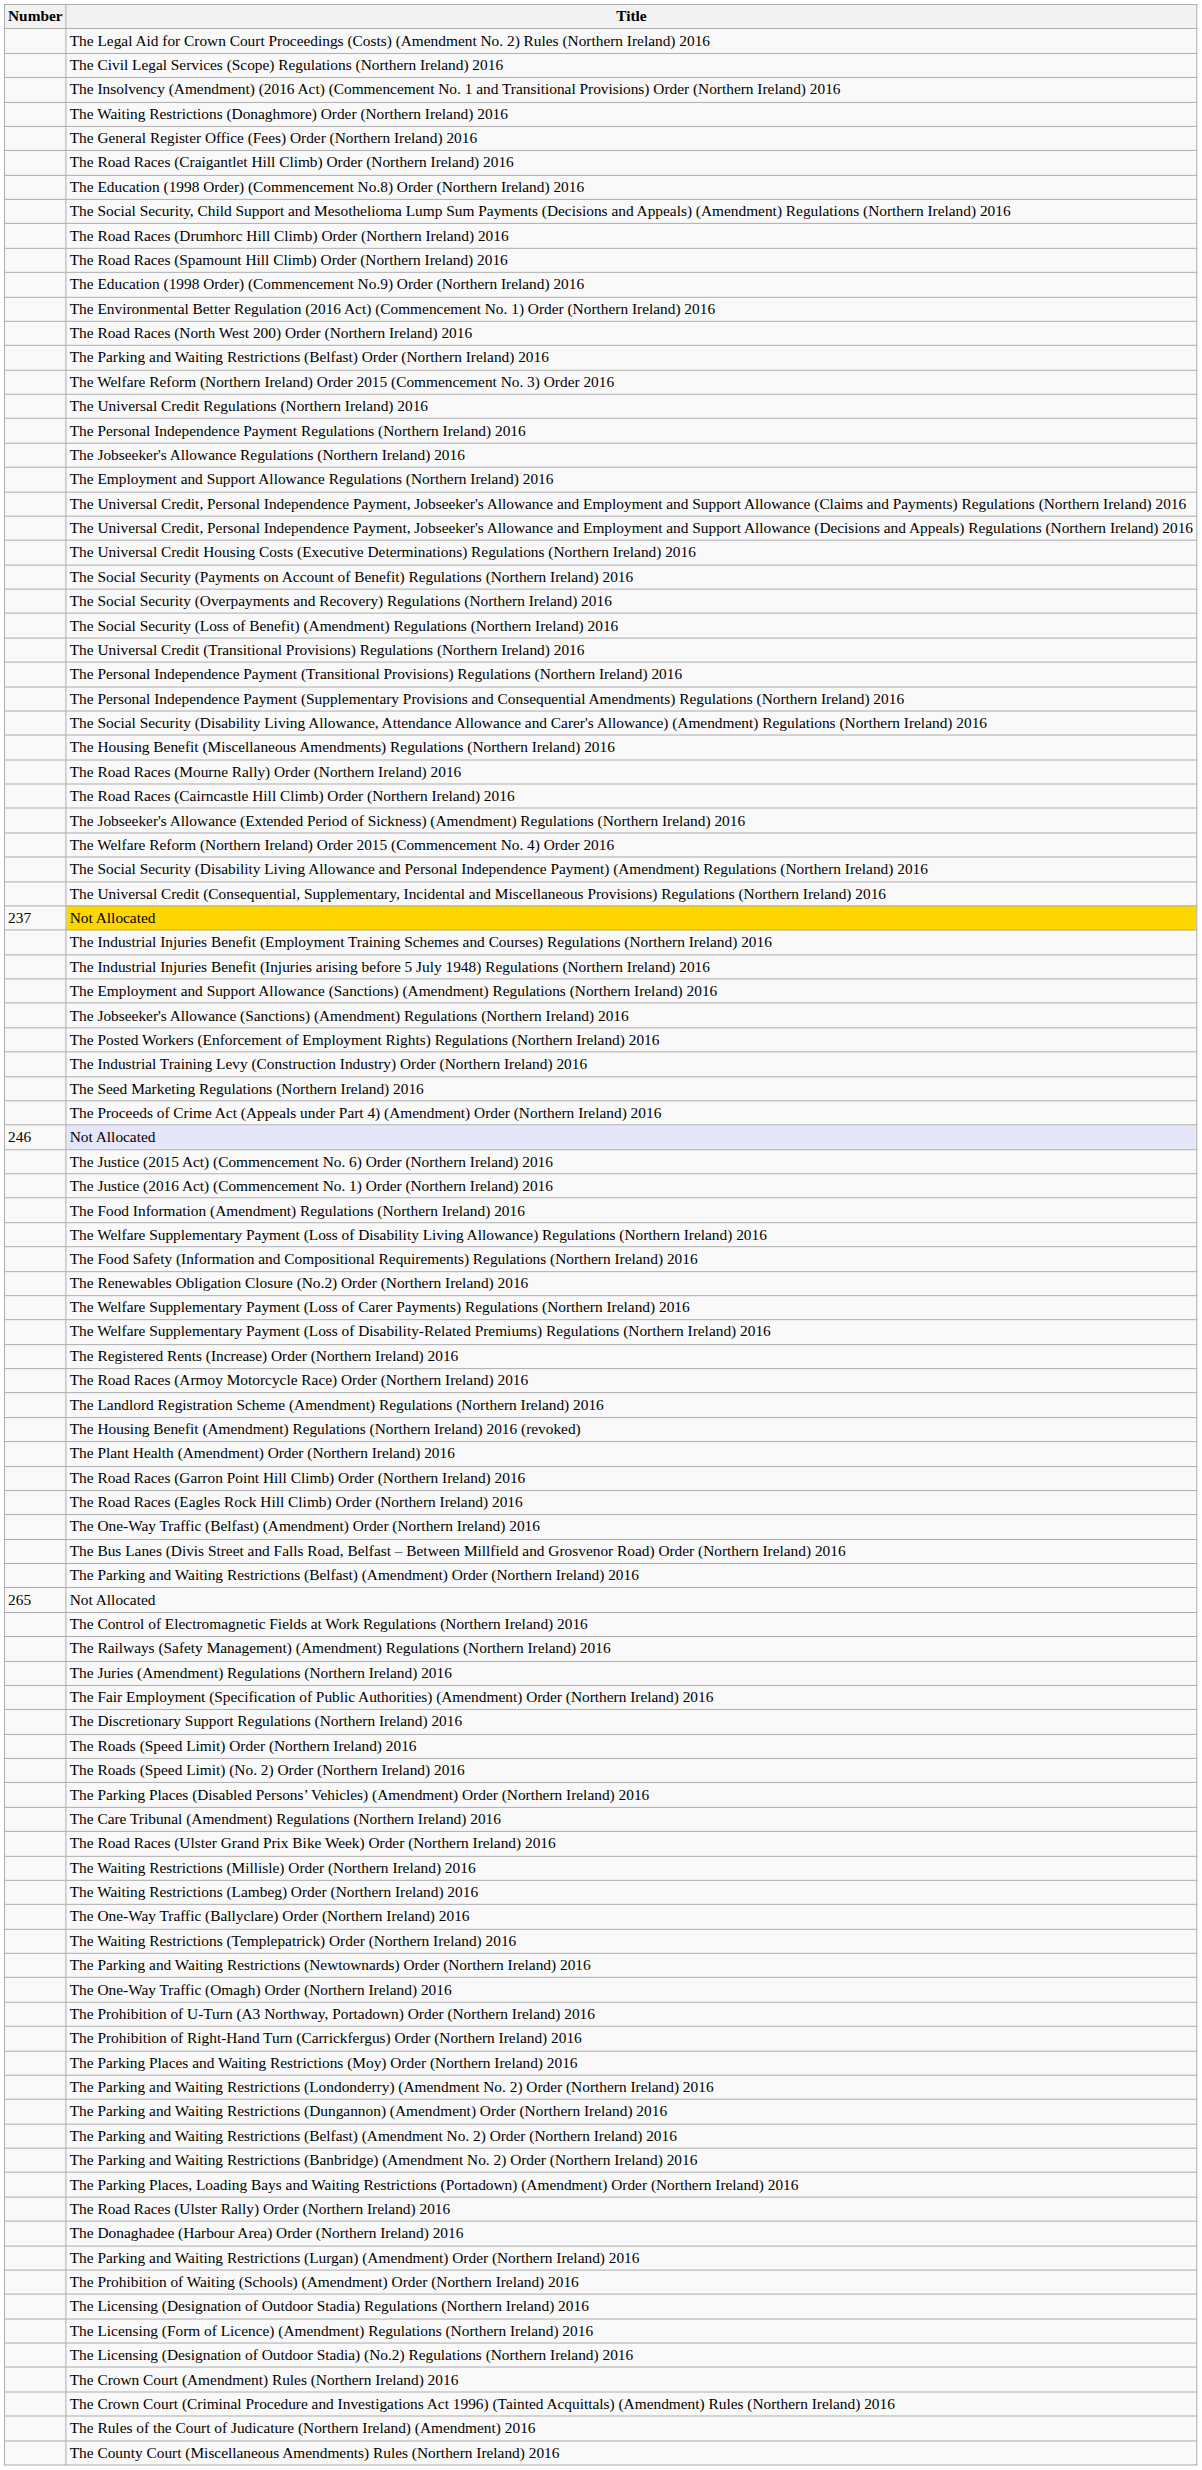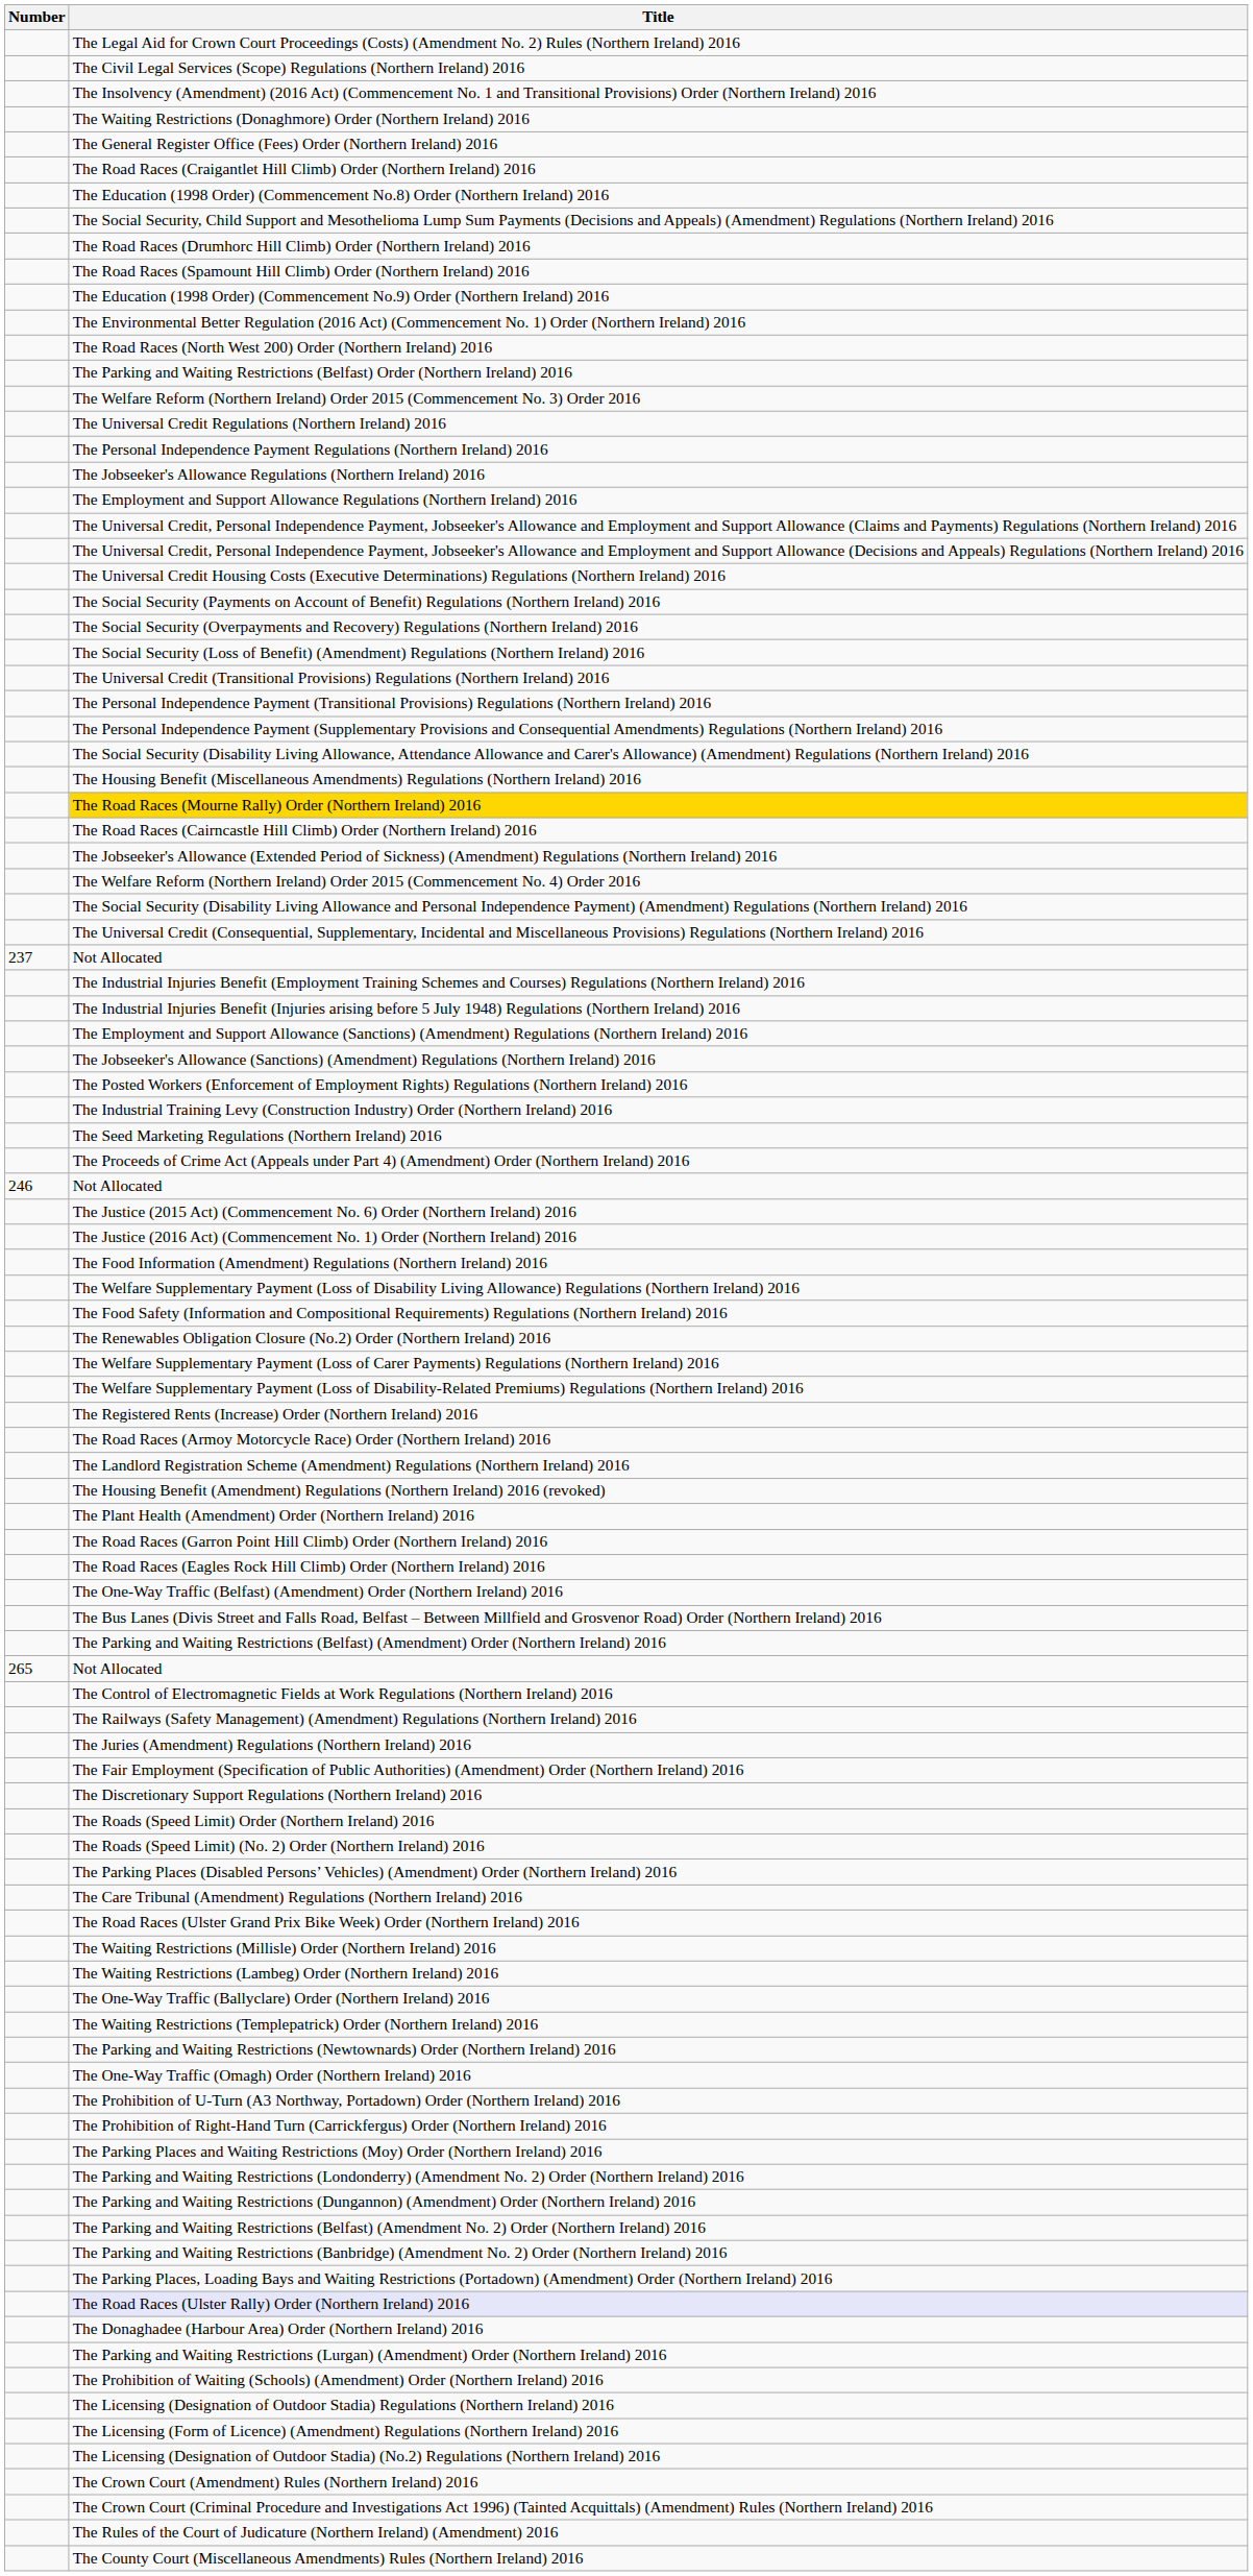 <table class="wikitable collapsible">
 <tr>
 <th>Number</th>
 <th>Title</th>
 </tr>
 <tr>
 <td></td>
 <td>The Legal Aid for Crown Court Proceedings (Costs) (Amendment No. 2) Rules (Northern Ireland) 2016</td>
 </tr>
 <tr>
 <td></td>
 <td>The Civil Legal Services (Scope) Regulations (Northern Ireland) 2016</td>
 </tr>
 <tr>
 <td></td>
 <td>The Insolvency (Amendment) (2016 Act) (Commencement No. 1 and Transitional Provisions) Order (Northern Ireland) 2016</td>
 </tr>
 <tr>
 <td></td>
 <td>The Waiting Restrictions (Donaghmore) Order (Northern Ireland) 2016</td>
 </tr>
 <tr>
 <td></td>
 <td>The General Register Office (Fees) Order (Northern Ireland) 2016</td>
 </tr>
 <tr>
 <td></td>
 <td>The Road Races (Craigantlet Hill Climb) Order (Northern Ireland) 2016</td>
 </tr>
 <tr>
 <td></td>
 <td>The Education (1998 Order) (Commencement No.8) Order (Northern Ireland) 2016</td>
 </tr>
 <tr>
 <td></td>
 <td>The Social Security, Child Support and Mesothelioma Lump Sum Payments (Decisions and Appeals) (Amendment) Regulations (Northern Ireland) 2016</td>
 </tr>
 <tr>
 <td></td>
 <td>The Road Races (Drumhorc Hill Climb) Order (Northern Ireland) 2016</td>
 </tr>
 <tr>
 <td></td>
 <td>The Road Races (Spamount Hill Climb) Order (Northern Ireland) 2016</td>
 </tr>
 <tr>
 <td></td>
 <td>The Education (1998 Order) (Commencement No.9) Order (Northern Ireland) 2016</td>
 </tr>
 <tr>
 <td></td>
 <td>The Environmental Better Regulation (2016 Act) (Commencement No. 1) Order (Northern Ireland) 2016</td>
 </tr>
 <tr>
 <td></td>
 <td>The Road Races (North West 200) Order (Northern Ireland) 2016</td>
 </tr>
 <tr>
 <td></td>
 <td>The Parking and Waiting Restrictions (Belfast) Order (Northern Ireland) 2016</td>
 </tr>
 <tr>
 <td></td>
 <td>The Welfare Reform (Northern Ireland) Order 2015 (Commencement No. 3) Order 2016</td>
 </tr>
 <tr>
 <td></td>
 <td>The Universal Credit Regulations (Northern Ireland) 2016</td>
 </tr>
 <tr>
 <td></td>
 <td>The Personal Independence Payment Regulations (Northern Ireland) 2016</td>
 </tr>
 <tr>
 <td></td>
 <td>The Jobseeker's Allowance Regulations (Northern Ireland) 2016</td>
 </tr>
 <tr>
 <td></td>
 <td>The Employment and Support Allowance Regulations (Northern Ireland) 2016</td>
 </tr>
 <tr>
 <td></td>
 <td>The Universal Credit, Personal Independence Payment, Jobseeker's Allowance and Employment and Support Allowance (Claims and Payments) Regulations (Northern Ireland) 2016</td>
 </tr>
 <tr>
 <td></td>
 <td>The Universal Credit, Personal Independence Payment, Jobseeker's Allowance and Employment and Support Allowance (Decisions and Appeals) Regulations (Northern Ireland) 2016</td>
 </tr>
 <tr>
 <td></td>
 <td>The Universal Credit Housing Costs (Executive Determinations) Regulations (Northern Ireland) 2016</td>
 </tr>
 <tr>
 <td></td>
 <td>The Social Security (Payments on Account of Benefit) Regulations (Northern Ireland) 2016</td>
 </tr>
 <tr>
 <td></td>
 <td>The Social Security (Overpayments and Recovery) Regulations (Northern Ireland) 2016</td>
 </tr>
 <tr>
 <td></td>
 <td>The Social Security (Loss of Benefit) (Amendment) Regulations (Northern Ireland) 2016</td>
 </tr>
 <tr>
 <td></td>
 <td>The Universal Credit (Transitional Provisions) Regulations (Northern Ireland) 2016</td>
 </tr>
 <tr>
 <td></td>
 <td>The Personal Independence Payment (Transitional Provisions) Regulations (Northern Ireland) 2016</td>
 </tr>
 <tr>
 <td></td>
 <td>The Personal Independence Payment (Supplementary Provisions and Consequential Amendments) Regulations (Northern Ireland) 2016</td>
 </tr>
 <tr>
 <td></td>
 <td>The Social Security (Disability Living Allowance, Attendance Allowance and Carer's Allowance) (Amendment) Regulations (Northern Ireland) 2016</td>
 </tr>
 <tr>
 <td></td>
 <td>The Housing Benefit (Miscellaneous Amendments) Regulations (Northern Ireland) 2016</td>
 </tr>
 <tr>
 <td></td>
-<td>The Road Races (Mourne Rally) Order (Northern Ireland) 2016</td>
+<td style="background: gold;">The Road Races (Mourne Rally) Order (Northern Ireland) 2016</td>
 </tr>
 <tr>
 <td></td>
 <td>The Road Races (Cairncastle Hill Climb) Order (Northern Ireland) 2016</td>
 </tr>
 <tr>
 <td></td>
 <td>The Jobseeker's Allowance (Extended Period of Sickness) (Amendment) Regulations (Northern Ireland) 2016</td>
 </tr>
 <tr>
 <td></td>
 <td>The Welfare Reform (Northern Ireland) Order 2015 (Commencement No. 4) Order 2016</td>
 </tr>
 <tr>
 <td></td>
 <td>The Social Security (Disability Living Allowance and Personal Independence Payment) (Amendment) Regulations (Northern Ireland) 2016</td>
 </tr>
 <tr>
 <td></td>
 <td>The Universal Credit (Consequential, Supplementary, Incidental and Miscellaneous Provisions) Regulations (Northern Ireland) 2016</td>
 </tr>
 <tr>
 <td>237</td>
-<td style="background: gold;">Not Allocated</td>
+<td>Not Allocated</td>
 </tr>
 <tr>
 <td></td>
 <td>The Industrial Injuries Benefit (Employment Training Schemes and Courses) Regulations (Northern Ireland) 2016</td>
 </tr>
 <tr>
 <td></td>
 <td>The Industrial Injuries Benefit (Injuries arising before 5 July 1948) Regulations (Northern Ireland) 2016</td>
 </tr>
 <tr>
 <td></td>
 <td>The Employment and Support Allowance (Sanctions) (Amendment) Regulations (Northern Ireland) 2016</td>
 </tr>
 <tr>
 <td></td>
 <td>The Jobseeker's Allowance (Sanctions) (Amendment) Regulations (Northern Ireland) 2016</td>
 </tr>
 <tr>
 <td></td>
 <td>The Posted Workers (Enforcement of Employment Rights) Regulations (Northern Ireland) 2016</td>
 </tr>
 <tr>
 <td></td>
 <td>The Industrial Training Levy (Construction Industry) Order (Northern Ireland) 2016</td>
 </tr>
 <tr>
 <td></td>
 <td>The Seed Marketing Regulations (Northern Ireland) 2016</td>
 </tr>
 <tr>
 <td></td>
 <td>The Proceeds of Crime Act (Appeals under Part 4) (Amendment) Order (Northern Ireland) 2016</td>
 </tr>
 <tr>
 <td>246</td>
-<td style="background: lavender;">Not Allocated</td>
+<td>Not Allocated</td>
 </tr>
 <tr>
 <td></td>
 <td>The Justice (2015 Act) (Commencement No. 6) Order (Northern Ireland) 2016</td>
 </tr>
 <tr>
 <td></td>
 <td>The Justice (2016 Act) (Commencement No. 1) Order (Northern Ireland) 2016</td>
 </tr>
 <tr>
 <td></td>
 <td>The Food Information (Amendment) Regulations (Northern Ireland) 2016</td>
 </tr>
 <tr>
 <td></td>
 <td>The Welfare Supplementary Payment (Loss of Disability Living Allowance) Regulations (Northern Ireland) 2016</td>
 </tr>
 <tr>
 <td></td>
 <td>The Food Safety (Information and Compositional Requirements) Regulations (Northern Ireland) 2016</td>
 </tr>
 <tr>
 <td></td>
 <td>The Renewables Obligation Closure (No.2) Order (Northern Ireland) 2016</td>
 </tr>
 <tr>
 <td></td>
 <td>The Welfare Supplementary Payment (Loss of Carer Payments) Regulations (Northern Ireland) 2016</td>
 </tr>
 <tr>
 <td></td>
 <td>The Welfare Supplementary Payment (Loss of Disability-Related Premiums) Regulations (Northern Ireland) 2016</td>
 </tr>
 <tr>
 <td></td>
 <td>The Registered Rents (Increase) Order (Northern Ireland) 2016</td>
 </tr>
 <tr>
 <td></td>
 <td>The Road Races (Armoy Motorcycle Race) Order (Northern Ireland) 2016</td>
 </tr>
 <tr>
 <td></td>
 <td>The Landlord Registration Scheme (Amendment) Regulations (Northern Ireland) 2016</td>
 </tr>
 <tr>
 <td></td>
 <td>The Housing Benefit (Amendment) Regulations (Northern Ireland) 2016 (revoked)</td>
 </tr>
 <tr>
 <td></td>
 <td>The Plant Health (Amendment) Order (Northern Ireland) 2016</td>
 </tr>
 <tr>
 <td></td>
 <td>The Road Races (Garron Point Hill Climb) Order (Northern Ireland) 2016</td>
 </tr>
 <tr>
 <td></td>
 <td>The Road Races (Eagles Rock Hill Climb) Order (Northern Ireland) 2016</td>
 </tr>
 <tr>
 <td></td>
 <td>The One-Way Traffic (Belfast) (Amendment) Order (Northern Ireland) 2016</td>
 </tr>
 <tr>
 <td></td>
 <td>The Bus Lanes (Divis Street and Falls Road, Belfast – Between Millfield and Grosvenor Road) Order (Northern Ireland) 2016</td>
 </tr>
 <tr>
 <td></td>
 <td>The Parking and Waiting Restrictions (Belfast) (Amendment) Order (Northern Ireland) 2016</td>
 </tr>
 <tr>
 <td>265</td>
 <td>Not Allocated</td>
 </tr>
 <tr>
 <td></td>
 <td>The Control of Electromagnetic Fields at Work Regulations (Northern Ireland) 2016</td>
 </tr>
 <tr>
 <td></td>
 <td>The Railways (Safety Management) (Amendment) Regulations (Northern Ireland) 2016</td>
 </tr>
 <tr>
 <td></td>
 <td>The Juries (Amendment) Regulations (Northern Ireland) 2016</td>
 </tr>
 <tr>
 <td></td>
 <td>The Fair Employment (Specification of Public Authorities) (Amendment) Order (Northern Ireland) 2016</td>
 </tr>
 <tr>
 <td></td>
 <td>The Discretionary Support Regulations (Northern Ireland) 2016</td>
 </tr>
 <tr>
 <td></td>
 <td>The Roads (Speed Limit) Order (Northern Ireland) 2016</td>
 </tr>
 <tr>
 <td></td>
 <td>The Roads (Speed Limit) (No. 2) Order (Northern Ireland) 2016</td>
 </tr>
 <tr>
 <td></td>
 <td>The Parking Places (Disabled Persons’ Vehicles) (Amendment) Order (Northern Ireland) 2016</td>
 </tr>
 <tr>
 <td></td>
 <td>The Care Tribunal (Amendment) Regulations (Northern Ireland) 2016</td>
 </tr>
 <tr>
 <td></td>
 <td>The Road Races (Ulster Grand Prix Bike Week) Order (Northern Ireland) 2016</td>
 </tr>
 <tr>
 <td></td>
 <td>The Waiting Restrictions (Millisle) Order (Northern Ireland) 2016</td>
 </tr>
 <tr>
 <td></td>
 <td>The Waiting Restrictions (Lambeg) Order (Northern Ireland) 2016</td>
 </tr>
 <tr>
 <td></td>
 <td>The One-Way Traffic (Ballyclare) Order (Northern Ireland) 2016</td>
 </tr>
 <tr>
 <td></td>
 <td>The Waiting Restrictions (Templepatrick) Order (Northern Ireland) 2016</td>
 </tr>
 <tr>
 <td></td>
 <td>The Parking and Waiting Restrictions (Newtownards) Order (Northern Ireland) 2016</td>
 </tr>
 <tr>
 <td></td>
 <td>The One-Way Traffic (Omagh) Order (Northern Ireland) 2016</td>
 </tr>
 <tr>
 <td></td>
 <td>The Prohibition of U-Turn (A3 Northway, Portadown) Order (Northern Ireland) 2016</td>
 </tr>
 <tr>
 <td></td>
 <td>The Prohibition of Right-Hand Turn (Carrickfergus) Order (Northern Ireland) 2016</td>
 </tr>
 <tr>
 <td></td>
 <td>The Parking Places and Waiting Restrictions (Moy) Order (Northern Ireland) 2016</td>
 </tr>
 <tr>
 <td></td>
 <td>The Parking and Waiting Restrictions (Londonderry) (Amendment No. 2) Order (Northern Ireland) 2016</td>
 </tr>
 <tr>
 <td></td>
 <td>The Parking and Waiting Restrictions (Dungannon) (Amendment) Order (Northern Ireland) 2016</td>
 </tr>
 <tr>
 <td></td>
 <td>The Parking and Waiting Restrictions (Belfast) (Amendment No. 2) Order (Northern Ireland) 2016</td>
 </tr>
 <tr>
 <td></td>
 <td>The Parking and Waiting Restrictions (Banbridge) (Amendment No. 2) Order (Northern Ireland) 2016</td>
 </tr>
 <tr>
 <td></td>
 <td>The Parking Places, Loading Bays and Waiting Restrictions (Portadown) (Amendment) Order (Northern Ireland) 2016</td>
 </tr>
 <tr>
 <td></td>
-<td>The Road Races (Ulster Rally) Order (Northern Ireland) 2016</td>
+<td style="background: lavender;">The Road Races (Ulster Rally) Order (Northern Ireland) 2016</td>
 </tr>
 <tr>
 <td></td>
 <td>The Donaghadee (Harbour Area) Order (Northern Ireland) 2016</td>
 </tr>
 <tr>
 <td></td>
 <td>The Parking and Waiting Restrictions (Lurgan) (Amendment) Order (Northern Ireland) 2016</td>
 </tr>
 <tr>
 <td></td>
 <td>The Prohibition of Waiting (Schools) (Amendment) Order (Northern Ireland) 2016</td>
 </tr>
 <tr>
 <td></td>
 <td>The Licensing (Designation of Outdoor Stadia) Regulations (Northern Ireland) 2016</td>
 </tr>
 <tr>
 <td></td>
 <td>The Licensing (Form of Licence) (Amendment) Regulations (Northern Ireland) 2016</td>
 </tr>
 <tr>
 <td></td>
 <td>The Licensing (Designation of Outdoor Stadia) (No.2) Regulations (Northern Ireland) 2016</td>
 </tr>
 <tr>
 <td></td>
 <td>The Crown Court (Amendment) Rules (Northern Ireland) 2016</td>
 </tr>
 <tr>
 <td></td>
 <td>The Crown Court (Criminal Procedure and Investigations Act 1996) (Tainted Acquittals) (Amendment) Rules (Northern Ireland) 2016</td>
 </tr>
 <tr>
 <td></td>
 <td>The Rules of the Court of Judicature (Northern Ireland) (Amendment) 2016</td>
 </tr>
 <tr>
 <td></td>
 <td>The County Court (Miscellaneous Amendments) Rules (Northern Ireland) 2016</td>
 </tr>
 </table>
